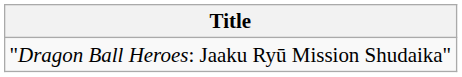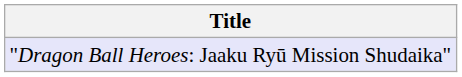 <table class="wikitable">
 <tr>
 <th>Title</th>
 </tr>
 <tr>
-<td>"<em>Dragon Ball Heroes</em>: Jaaku Ryū Mission Shudaika"</td>
+<td style="background: lavender;">"<em>Dragon Ball Heroes</em>: Jaaku Ryū Mission Shudaika"</td>
 </tr>
 </table>
